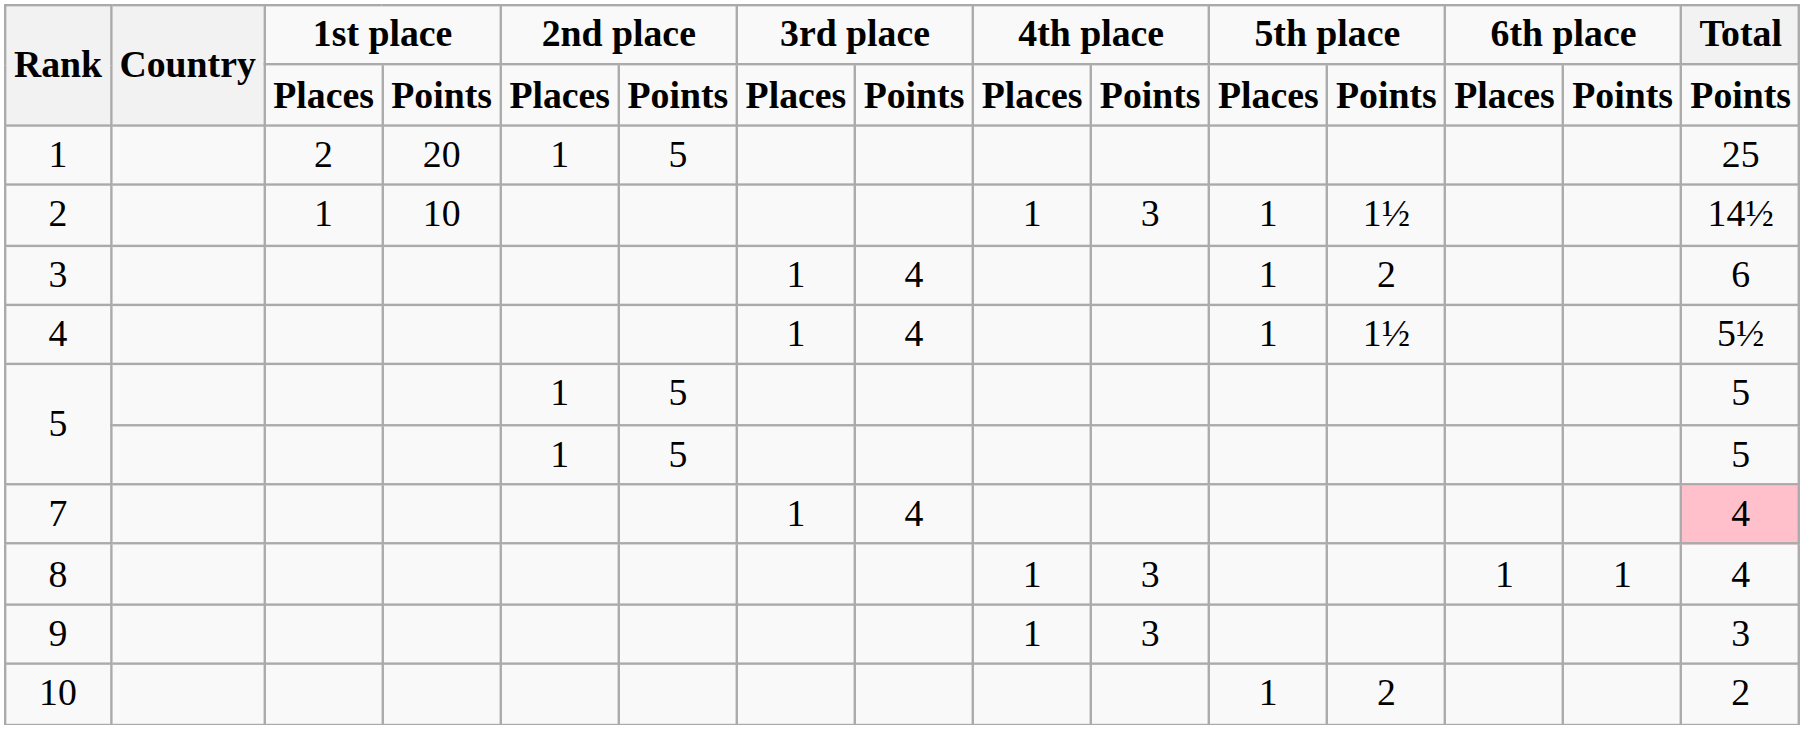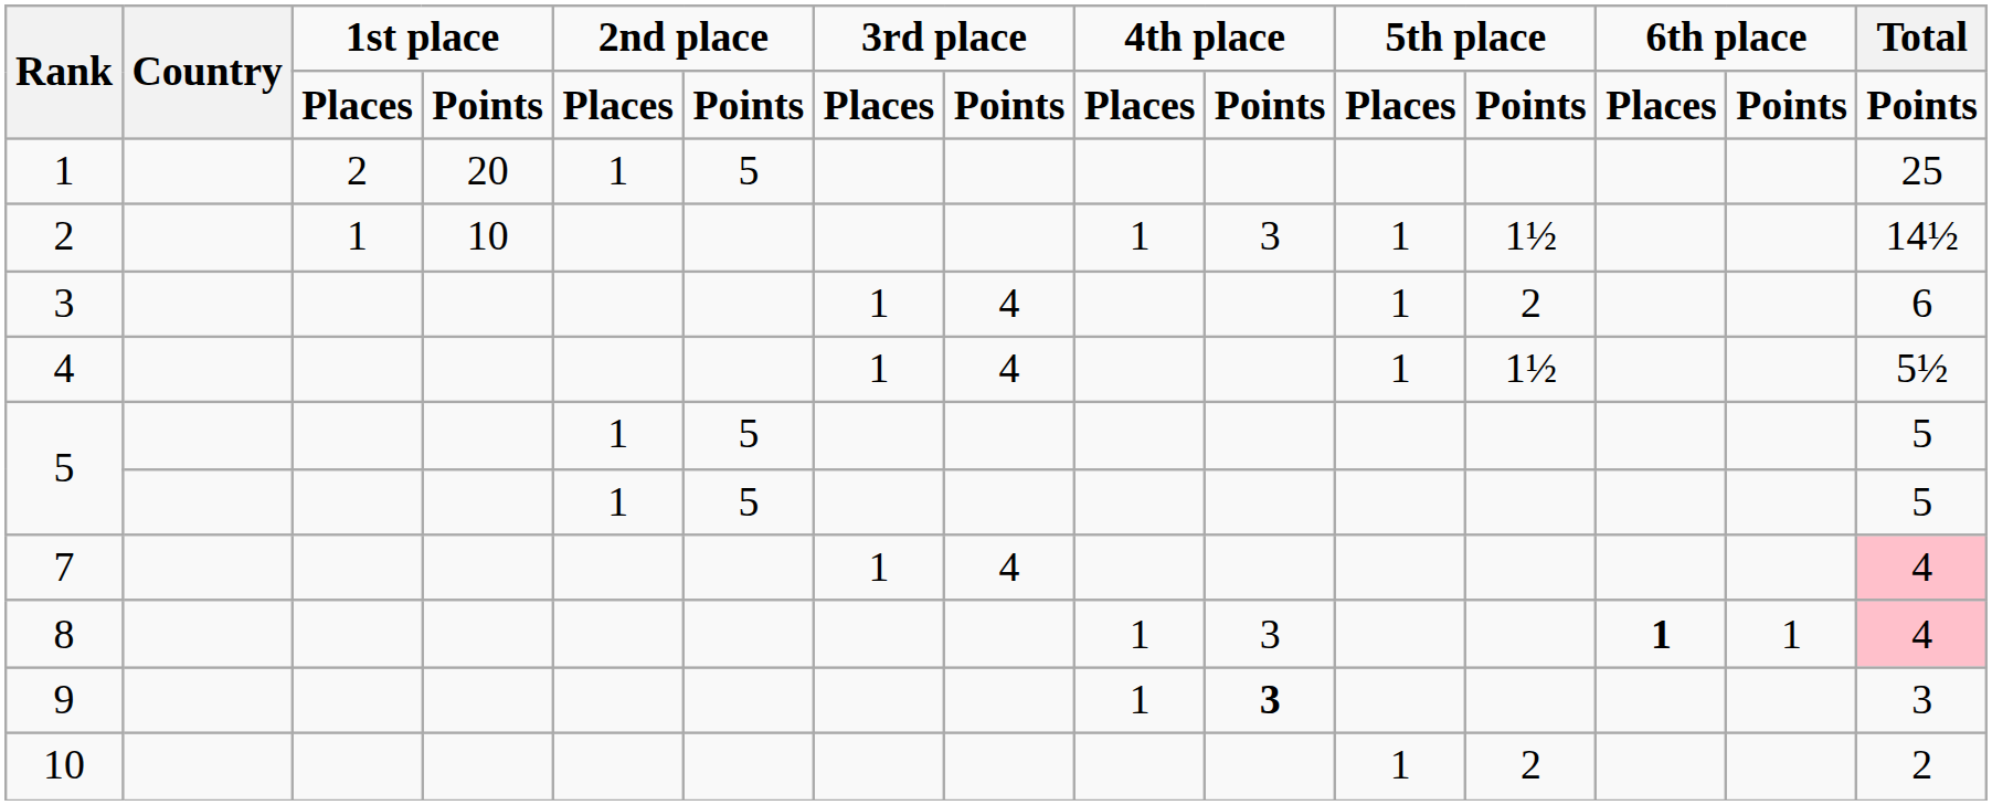 <table class="wikitable" style="text-align:center">
 <tr>
 <th rowspan=2>Rank</th>
 <th rowspan=2>Country</th>
 <td colspan=2><strong>1st place</strong></td>
 <td colspan=2><strong>2nd place</strong></td>
 <td colspan=2><strong>3rd place</strong></td>
 <td colspan=2><strong>4th place</strong></td>
 <td colspan=2><strong>5th place</strong></td>
 <td colspan=2><strong>6th place</strong></td>
 <th colspan=2>Total</th>
 </tr>
 <tr>
 <td><strong>Places</strong></td>
 <td><strong>Points</strong></td>
 <td><strong>Places</strong></td>
 <td><strong>Points</strong></td>
 <td><strong>Places</strong></td>
 <td><strong>Points</strong></td>
 <td><strong>Places</strong></td>
 <td><strong>Points</strong></td>
 <td><strong>Places</strong></td>
 <td><strong>Points</strong></td>
 <td><strong>Places</strong></td>
 <td><strong>Points</strong></td>
 <td><strong>Points</strong></td>
 </tr>
 <tr>
 <td>1</td>
 <td style="text-align:left"></td>
 <td>2</td>
 <td>20</td>
 <td>1</td>
 <td>5</td>
 <td></td>
 <td></td>
 <td></td>
 <td></td>
 <td></td>
 <td></td>
 <td></td>
 <td></td>
 <td>25</td>
 </tr>
 <tr>
 <td>2</td>
 <td style="text-align:left"></td>
 <td>1</td>
 <td>10</td>
 <td></td>
 <td></td>
 <td></td>
 <td></td>
 <td>1</td>
 <td>3</td>
 <td>1</td>
 <td>1½</td>
 <td></td>
 <td></td>
 <td>14½</td>
 </tr>
 <tr>
 <td>3</td>
 <td style="text-align:left"></td>
 <td></td>
 <td></td>
 <td></td>
 <td></td>
 <td>1</td>
 <td>4</td>
 <td></td>
 <td></td>
 <td>1</td>
 <td>2</td>
 <td></td>
 <td></td>
 <td>6</td>
 </tr>
 <tr>
 <td>4</td>
 <td style="text-align:left"></td>
 <td></td>
 <td></td>
 <td></td>
 <td></td>
 <td>1</td>
 <td>4</td>
 <td></td>
 <td></td>
 <td>1</td>
 <td>1½</td>
 <td></td>
 <td></td>
 <td>5½</td>
 </tr>
 <tr>
 <td rowspan=2>5</td>
 <td style="text-align:left"></td>
 <td></td>
 <td></td>
 <td>1</td>
 <td>5</td>
 <td></td>
 <td></td>
 <td></td>
 <td></td>
 <td></td>
 <td></td>
 <td></td>
 <td></td>
 <td>5</td>
 </tr>
 <tr>
 <td style="text-align:left"></td>
 <td></td>
 <td></td>
 <td>1</td>
 <td>5</td>
 <td></td>
 <td></td>
 <td></td>
 <td></td>
 <td></td>
 <td></td>
 <td></td>
 <td></td>
 <td>5</td>
 </tr>
 <tr>
 <td>7</td>
 <td style="text-align:left"></td>
 <td></td>
 <td></td>
 <td></td>
 <td></td>
 <td>1</td>
 <td>4</td>
 <td></td>
 <td></td>
 <td></td>
 <td></td>
 <td></td>
 <td></td>
 <td style="background: pink;">4</td>
 </tr>
 <tr>
 <td>8</td>
 <td style="text-align:left"></td>
 <td></td>
 <td></td>
 <td></td>
 <td></td>
 <td></td>
 <td></td>
 <td>1</td>
 <td>3</td>
 <td></td>
 <td></td>
+<td><strong>1</strong></td>
 <td>1</td>
-<td>1</td>
-<td>4</td>
+<td style="background: pink;">4</td>
 </tr>
 <tr>
 <td>9</td>
 <td style="text-align:left"></td>
 <td></td>
 <td></td>
 <td></td>
 <td></td>
 <td></td>
 <td></td>
 <td>1</td>
-<td>3</td>
+<td><strong>3</strong></td>
 <td></td>
 <td></td>
 <td></td>
 <td></td>
 <td>3</td>
 </tr>
 <tr>
 <td>10</td>
 <td style="text-align:left"></td>
 <td></td>
 <td></td>
 <td></td>
 <td></td>
 <td></td>
 <td></td>
 <td></td>
 <td></td>
 <td>1</td>
 <td>2</td>
 <td></td>
 <td></td>
 <td>2</td>
 </tr>
 </table>
